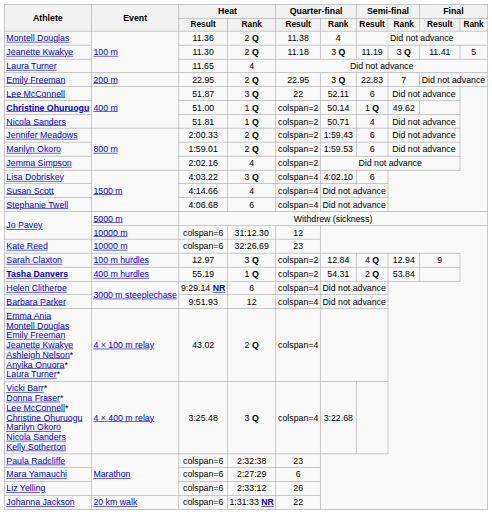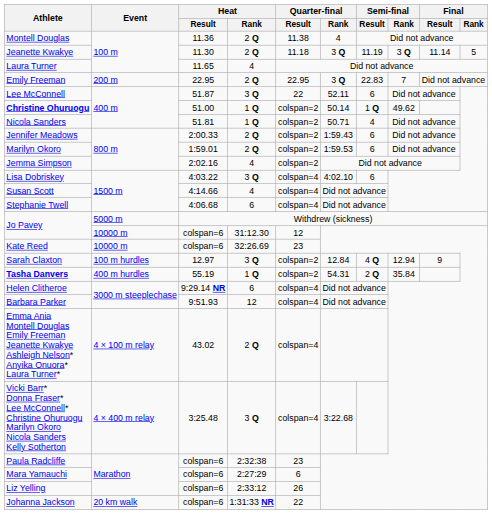 <table class=wikitable style="font-size:90%">
 <tr>
 <th rowspan="2">Athlete</th>
 <th rowspan="2">Event</th>
 <th colspan="2">Heat</th>
 <th colspan="2">Quarter-final</th>
 <th colspan="2">Semi-final</th>
 <th colspan="2">Final</th>
 </tr>
 <tr style="font-size:95%">
 <th>Result</th>
 <th>Rank</th>
 <th>Result</th>
 <th>Rank</th>
 <th>Result</th>
 <th>Rank</th>
 <th>Result</th>
 <th>Rank</th>
 </tr>
 <tr align=center>
 <td align=left><a href='#'>Montell Douglas</a></td>
 <td align=left rowspan=3><a href='#'>100 m</a></td>
 <td>11.36</td>
 <td>2 <strong>Q</strong></td>
 <td>11.38</td>
 <td>4</td>
 <td colspan=4>Did not advance</td>
 </tr>
 <tr align=center>
 <td align=left><a href='#'>Jeanette Kwakye</a></td>
 <td>11.30</td>
 <td>2 <strong>Q</strong></td>
 <td>11.18</td>
 <td>3 <strong>Q</strong></td>
 <td>11.19</td>
 <td>3 <strong>Q</strong></td>
-<td>11.41</td>
+<td>11.14</td>
 <td>5</td>
 </tr>
 <tr align=center>
 <td align=left><a href='#'>Laura Turner</a></td>
 <td>11.65</td>
 <td>4</td>
 <td colspan=6>Did not advance</td>
 </tr>
 <tr align=center>
 <td align=left><a href='#'>Emily Freeman</a></td>
 <td align=left><a href='#'>200 m</a></td>
 <td>22.95</td>
 <td>2 <strong>Q</strong></td>
 <td>22.95</td>
 <td>3 <strong>Q</strong></td>
 <td>22.83</td>
 <td>7</td>
 <td colspan=2>Did not advance</td>
 </tr>
 <tr align=center>
 <td align=left><a href='#'>Lee McConnell</a></td>
 <td align=left rowspan=3><a href='#'>400 m</a></td>
 <td>51.87</td>
 <td>3 <strong>Q</strong></td>
 <td>22</td>
 <td>52.11</td>
 <td>6</td>
 <td colspan=2>Did not advance</td>
 </tr>
 <tr align=center>
 <td align=left><strong><a href='#'>Christine Ohuruogu</a></strong></td>
 <td>51.00</td>
 <td>1 <strong>Q</strong></td>
 <td>colspan=2 </td>
 <td>50.14</td>
 <td>1 <strong>Q</strong></td>
 <td>49.62</td>
 <td></td>
 </tr>
 <tr align=center>
 <td align=left><a href='#'>Nicola Sanders</a></td>
 <td>51.81</td>
 <td>1 <strong>Q</strong></td>
 <td>colspan=2 </td>
 <td>50.71</td>
 <td>4</td>
 <td colspan=2>Did not advance</td>
 </tr>
 <tr align=center>
 <td align=left><a href='#'>Jennifer Meadows</a></td>
 <td align=left rowspan=3><a href='#'>800 m</a></td>
 <td>2:00.33</td>
 <td>2 <strong>Q</strong></td>
 <td>colspan=2 </td>
 <td>1:59.43</td>
 <td>6</td>
 <td colspan=2>Did not advance</td>
 </tr>
 <tr align=center>
 <td align=left><a href='#'>Marilyn Okoro</a></td>
 <td>1:59.01</td>
 <td>2 <strong>Q</strong></td>
 <td>colspan=2 </td>
 <td>1:59.53</td>
 <td>6</td>
 <td colspan=2>Did not advance</td>
 </tr>
 <tr align=center>
 <td align=left><a href='#'>Jemma Simpson</a></td>
 <td>2:02.16</td>
 <td>4</td>
 <td>colspan=2 </td>
 <td colspan=4>Did not advance</td>
 </tr>
 <tr align=center>
 <td align=left><a href='#'>Lisa Dobriskey</a></td>
 <td align=left rowspan=3><a href='#'>1500 m</a></td>
 <td>4:03.22</td>
 <td>3 <strong>Q</strong></td>
 <td>colspan=4 </td>
 <td>4:02.10</td>
 <td>6</td>
 </tr>
 <tr align=center>
 <td align=left><a href='#'>Susan Scott</a></td>
 <td>4:14.66</td>
 <td>4</td>
 <td>colspan=4 </td>
 <td colspan=2>Did not advance</td>
 </tr>
 <tr align=center>
 <td align=left><a href='#'>Stephanie Twell</a></td>
 <td>4:06.68</td>
 <td>6</td>
 <td>colspan=4 </td>
 <td colspan=2>Did not advance</td>
 </tr>
 <tr align=center>
 <td align=left rowspan=2><a href='#'>Jo Pavey</a></td>
 <td align=left><a href='#'>5000 m</a></td>
 <td colspan=8>Withdrew (sickness)</td>
 </tr>
 <tr align=center>
 <td align=left><a href='#'>10000 m</a></td>
 <td>colspan=6 </td>
 <td>31:12.30</td>
 <td>12</td>
 </tr>
 <tr align=center>
 <td align=left><a href='#'>Kate Reed</a></td>
 <td align=left><a href='#'>10000 m</a></td>
 <td>colspan=6 </td>
 <td>32:26.69</td>
 <td>23</td>
 </tr>
 <tr align=center>
 <td align=left><a href='#'>Sarah Claxton</a></td>
 <td align=left><a href='#'>100 m hurdles</a></td>
 <td>12.97</td>
 <td>3 <strong>Q</strong></td>
 <td>colspan=2 </td>
 <td>12.84</td>
 <td>4 <strong>Q</strong></td>
 <td>12.94</td>
 <td>9</td>
 </tr>
 <tr align=center>
 <td align=left><strong><a href='#'>Tasha Danvers</a></strong></td>
 <td align=left><a href='#'>400 m hurdles</a></td>
 <td>55.19</td>
 <td>1 <strong>Q</strong></td>
 <td>colspan=2 </td>
 <td>54.31</td>
 <td>2 <strong>Q</strong></td>
-<td>53.84</td>
+<td>35.84</td>
 <td></td>
 </tr>
 <tr align=center>
 <td align=left><a href='#'>Helen Clitheroe</a></td>
 <td align=left rowspan=2><a href='#'>3000 m steeplechase</a></td>
 <td>9:29.14 <strong><a href='#'>NR</a></strong></td>
 <td>6</td>
 <td>colspan=4 </td>
 <td colspan=2>Did not advance</td>
 </tr>
 <tr align=center>
 <td align=left><a href='#'>Barbara Parker</a></td>
 <td>9:51.93</td>
 <td>12</td>
 <td>colspan=4 </td>
 <td colspan=2>Did not advance</td>
 </tr>
 <tr align=center>
 <td align=left><a href='#'>Emma Ania</a><br><a href='#'>Montell Douglas</a><br><a href='#'>Emily Freeman</a><br><a href='#'>Jeanette Kwakye</a><br><a href='#'>Ashleigh Nelson</a>*<br><a href='#'>Anyika Onuora</a>*<br><a href='#'>Laura Turner</a>*</td>
 <td align=left><a href='#'>4 × 100 m relay</a></td>
 <td>43.02</td>
 <td>2 <strong>Q</strong></td>
 <td>colspan=4 </td>
 <td colspan=2></td>
 </tr>
 <tr align=center>
 <td align=left><a href='#'>Vicki Barr</a>*<br><a href='#'>Donna Fraser</a>*<br><a href='#'>Lee McConnell</a>*<br><a href='#'>Christine Ohuruogu</a><br><a href='#'>Marilyn Okoro</a><br><a href='#'>Nicola Sanders</a><br><a href='#'>Kelly Sotherton</a></td>
 <td align=left><a href='#'>4 × 400 m relay</a></td>
 <td>3:25.48</td>
 <td>3 <strong>Q</strong></td>
 <td>colspan=4 </td>
 <td>3:22.68</td>
 <td></td>
 </tr>
 <tr align=center>
 <td align=left><a href='#'>Paula Radcliffe</a></td>
 <td align=left rowspan=3><a href='#'>Marathon</a></td>
 <td>colspan=6 </td>
 <td>2:32:38</td>
 <td>23</td>
 </tr>
 <tr align=center>
 <td align=left><a href='#'>Mara Yamauchi</a></td>
 <td>colspan=6 </td>
 <td>2:27:29</td>
 <td>6</td>
 </tr>
 <tr align=center>
 <td align=left><a href='#'>Liz Yelling</a></td>
 <td>colspan=6 </td>
 <td>2:33:12</td>
 <td>26</td>
 </tr>
 <tr align=center>
 <td align=left><a href='#'>Johanna Jackson</a></td>
 <td align=left><a href='#'>20 km walk</a></td>
 <td>colspan=6 </td>
 <td>1:31:33 <strong><a href='#'>NR</a></strong></td>
 <td>22</td>
 </tr>
 </table>
